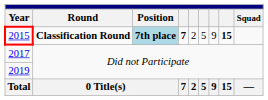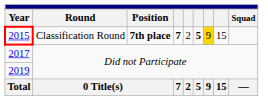 <table class="wikitable" style="text-align: center;">
 <tr>
 <th colspan=9 style="background:#000080; color: #FFFFFF;"><a href='#'></a></th>
 </tr>
 <tr>
 <th>Year</th>
 <th>Round</th>
 <th>Position</th>
 <th></th>
 <th></th>
 <th></th>
 <th></th>
 <th></th>
 <th><small>Squad</small></th>
 </tr>
 <tr>
 <td style="border: 3px solid red"> <a href='#'>2015</a></td>
-<td><strong>Classification Round</strong></td>
-<td style="background: lightblue;"><strong>7th place</strong></td>
+<td>Classification Round</td>
+<td><strong>7th place</strong></td>
 <td><strong>7</strong></td>
 <td>2</td>
-<td>5</td>
-<td>9</td>
-<td><strong>15</strong></td>
+<td><strong>5</strong></td>
+<td style="background: gold;">9</td>
+<td>15</td>
 <td></td>
 </tr>
 <tr>
 <td> <a href='#'>2017</a></td>
 <td rowspan=2 colspan=8><em>Did not Participate</em></td>
 </tr>
 <tr>
 <td> <a href='#'>2019</a></td>
 </tr>
 <tr>
 <th>Total</th>
 <th colspan=2>0 Title(s)</th>
 <th>7</th>
 <th>2</th>
 <th>5</th>
 <th>9</th>
 <th>15</th>
 <th>—</th>
 </tr>
 </table>
